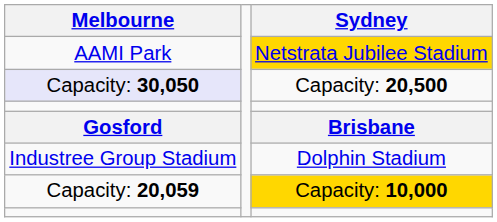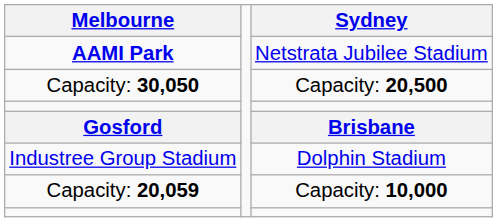 <table class="wikitable" style="text-align:center">
 <tr>
 <th><a href='#'>Melbourne</a></th>
 <td rowspan="10"></td>
 <th><a href='#'>Sydney</a></th>
 </tr>
 <tr>
-<td><a href='#'>AAMI Park</a></td>
-<td style="background: gold;"><a href='#'>Netstrata Jubilee Stadium</a></td>
+<td><strong><a href='#'>AAMI Park</a></strong></td>
+<td><a href='#'>Netstrata Jubilee Stadium</a></td>
 </tr>
 <tr>
-<td style="background: lavender;">Capacity: <strong>30,050</strong></td>
+<td>Capacity: <strong>30,050</strong></td>
 <td>Capacity: <strong>20,500</strong></td>
 </tr>
 <tr>
 <td></td>
 <td></td>
 </tr>
 <tr>
 <th><a href='#'>Gosford</a></th>
 <th><a href='#'>Brisbane</a></th>
 </tr>
 <tr>
 <td><a href='#'>Industree Group Stadium</a></td>
 <td><a href='#'>Dolphin Stadium</a></td>
 </tr>
 <tr>
 <td>Capacity: <strong>20,059</strong></td>
-<td style="background: gold;">Capacity: <strong>10,000</strong></td>
+<td>Capacity: <strong>10,000</strong></td>
 </tr>
 <tr>
 <td></td>
 <td></td>
 </tr>
 </table>
